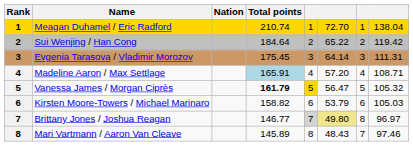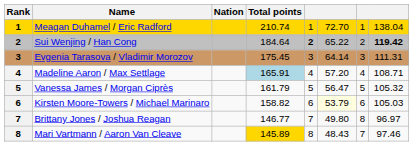 <table class="wikitable sortable">
 <tr>
 <th>Rank</th>
 <th>Name</th>
 <th>Nation</th>
 <th>Total points</th>
 <th colspan="2" width="80px"></th>
 <th colspan="2" width="80px"></th>
 </tr>
 <tr bgcolor="gold">
 <td align="center"><strong>1</strong></td>
 <td><a href='#'>Meagan Duhamel</a> / <a href='#'>Eric Radford</a></td>
 <td></td>
 <td align="center">210.74</td>
 <td align="center">1</td>
 <td align="center">72.70</td>
 <td align="center">1</td>
 <td align="center">138.04</td>
 </tr>
 <tr bgcolor="silver">
 <td align="center"><strong>2</strong></td>
 <td><a href='#'>Sui Wenjing</a> / <a href='#'>Han Cong</a></td>
 <td></td>
 <td align="center">184.64</td>
-<td align="center">2</td>
+<td align="center"><strong>2</strong></td>
 <td align="center">65.22</td>
 <td align="center">2</td>
-<td align="center">119.42</td>
+<td align="center"><strong>119.42</strong></td>
 </tr>
 <tr bgcolor="cc9966">
 <td align="center"><strong>3</strong></td>
 <td><a href='#'>Evgenia Tarasova</a> / <a href='#'>Vladimir Morozov</a></td>
 <td></td>
 <td align="center">175.45</td>
 <td align="center">3</td>
 <td align="center">64.14</td>
 <td align="center">3</td>
 <td align="center">111.31</td>
 </tr>
 <tr>
 <th>4</th>
 <td><a href='#'>Madeline Aaron</a> / <a href='#'>Max Settlage</a></td>
 <td></td>
 <td align="center" style="background: lightblue;">165.91</td>
 <td align="center">4</td>
 <td align="center">57.20</td>
 <td align="center">4</td>
 <td align="center">108.71</td>
 </tr>
 <tr>
 <th>5</th>
 <td><a href='#'>Vanessa James</a> / <a href='#'>Morgan Ciprès</a></td>
 <td></td>
-<td align="center"><strong>161.79</strong></td>
-<td align="center" style="background: gold;">5</td>
+<td align="center">161.79</td>
+<td align="center">5</td>
 <td align="center">56.47</td>
 <td align="center">5</td>
 <td align="center">105.32</td>
 </tr>
 <tr>
 <th>6</th>
 <td><a href='#'>Kirsten Moore-Towers</a> / <a href='#'>Michael Marinaro</a></td>
 <td></td>
 <td align="center">158.82</td>
 <td align="center">6</td>
-<td align="center">53.79</td>
+<td align="center" style="background: lightyellow;">53.79</td>
 <td align="center">6</td>
 <td align="center">105.03</td>
 </tr>
 <tr>
 <th>7</th>
 <td><a href='#'>Brittany Jones</a> / <a href='#'>Joshua Reagan</a></td>
 <td></td>
 <td align="center">146.77</td>
-<td align="center" style="background: lightgrey;">7</td>
-<td align="center" style="background: khaki;">49.80</td>
+<td align="center">7</td>
+<td align="center">49.80</td>
 <td align="center">8</td>
 <td align="center">96.97</td>
 </tr>
 <tr>
 <th>8</th>
 <td><a href='#'>Mari Vartmann</a> / <a href='#'>Aaron Van Cleave</a></td>
 <td></td>
-<td align="center">145.89</td>
+<td align="center" style="background: gold;">145.89</td>
 <td align="center">8</td>
 <td align="center">48.43</td>
 <td align="center">7</td>
 <td align="center">97.46</td>
 </tr>
 </table>
